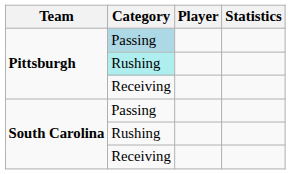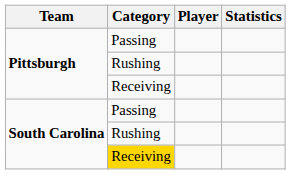 <table class="wikitable" style="float: right;">
 <tr>
 <th>Team</th>
 <th>Category</th>
 <th>Player</th>
 <th>Statistics</th>
 </tr>
 <tr>
 <td rowspan=3><strong>Pittsburgh</strong></td>
-<td style="background: lightblue;">Passing</td>
+<td>Passing</td>
 <td></td>
 <td></td>
 </tr>
 <tr>
-<td style="background: paleturquoise;">Rushing</td>
+<td>Rushing</td>
 <td></td>
 <td></td>
 </tr>
 <tr>
 <td>Receiving</td>
 <td></td>
 <td></td>
 </tr>
 <tr>
 <td rowspan=3><strong>South Carolina</strong></td>
 <td>Passing</td>
 <td></td>
 <td></td>
 </tr>
 <tr>
 <td>Rushing</td>
 <td></td>
 <td></td>
 </tr>
 <tr>
-<td>Receiving</td>
+<td style="background: gold;">Receiving</td>
 <td></td>
 <td></td>
 </tr>
 </table>
